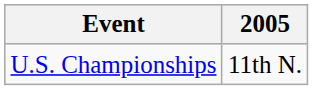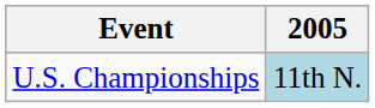 <table class="wikitable">
 <tr>
 <th>Event</th>
 <th>2005</th>
 </tr>
 <tr>
 <td><a href='#'>U.S. Championships</a></td>
-<td align="center">11th N.</td>
+<td align="center" style="background: lightblue;">11th N.</td>
 </tr>
 </table>
